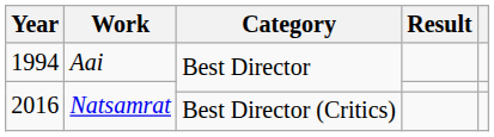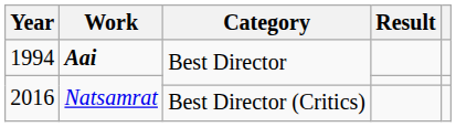 <table class="wikitable">
 <tr>
 <th>Year</th>
 <th>Work</th>
 <th>Category</th>
 <th>Result</th>
 <th></th>
 </tr>
 <tr>
 <td>1994</td>
-<td><em>Aai</em></td>
+<td><strong><em>Aai</em></strong></td>
 <td rowspan="2">Best Director</td>
 <td></td>
 <td></td>
 </tr>
 <tr>
 <td rowspan="2">2016</td>
 <td rowspan="2"><em><a href='#'>Natsamrat</a></em></td>
 <td></td>
 <td></td>
 </tr>
 <tr>
 <td>Best Director (Critics)</td>
 <td></td>
 <td></td>
 </tr>
 </table>
